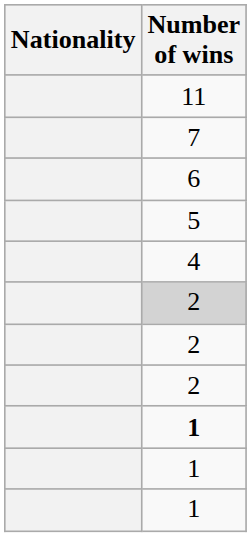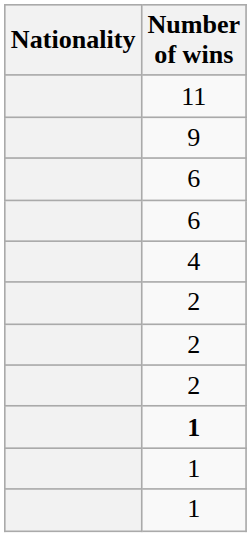 <table class="wikitable plainrowheaders">
 <tr>
 <th scope=col>Nationality</th>
 <th scope=col>Number<br>of wins</th>
 </tr>
 <tr>
 <th scope=row></th>
 <td align=center>11</td>
 </tr>
 <tr>
 <th scope=row></th>
-<td align=center>7</td>
+<td align=center>9</td>
 </tr>
 <tr>
 <th scope=row></th>
 <td align=center>6</td>
 </tr>
 <tr>
 <th scope=row></th>
-<td align=center>5</td>
+<td align=center>6</td>
 </tr>
 <tr>
 <th scope=row></th>
 <td align=center>4</td>
 </tr>
 <tr>
 <th scope=row></th>
-<td align=center style="background: lightgrey;">2</td>
+<td align=center>2</td>
 </tr>
 <tr>
 <th scope=row></th>
 <td align=center>2</td>
 </tr>
 <tr>
 <th scope=row></th>
 <td align=center>2</td>
 </tr>
 <tr>
 <th scope=row></th>
 <td align=center><strong>1</strong></td>
 </tr>
 <tr>
 <th scope=row></th>
 <td align=center>1</td>
 </tr>
 <tr>
 <th scope=row></th>
 <td align=center>1</td>
 </tr>
 </table>
